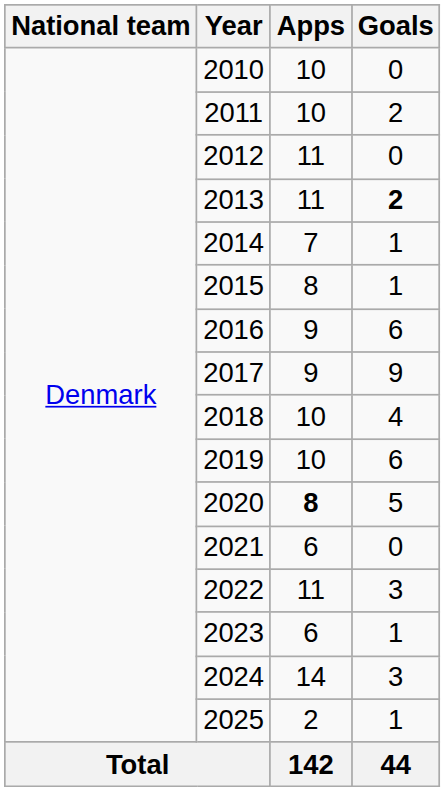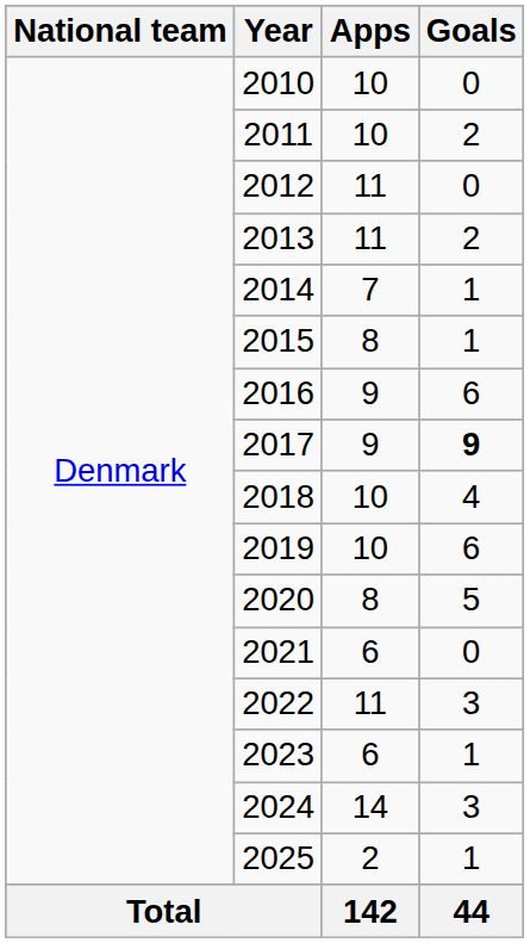 <table class=wikitable style=text-align:center>
 <tr>
 <th>National team</th>
 <th>Year</th>
 <th>Apps</th>
 <th>Goals</th>
 </tr>
 <tr>
 <td rowspan=16><a href='#'>Denmark</a></td>
 <td>2010</td>
 <td>10</td>
 <td>0</td>
 </tr>
 <tr>
 <td>2011</td>
 <td>10</td>
 <td>2</td>
 </tr>
 <tr>
 <td>2012</td>
 <td>11</td>
 <td>0</td>
 </tr>
 <tr>
 <td>2013</td>
 <td>11</td>
-<td><strong>2</strong></td>
+<td>2</td>
 </tr>
 <tr>
 <td>2014</td>
 <td>7</td>
 <td>1</td>
 </tr>
 <tr>
 <td>2015</td>
 <td>8</td>
 <td>1</td>
 </tr>
 <tr>
 <td>2016</td>
 <td>9</td>
 <td>6</td>
 </tr>
 <tr>
 <td>2017</td>
 <td>9</td>
-<td>9</td>
+<td><strong>9</strong></td>
 </tr>
 <tr>
 <td>2018</td>
 <td>10</td>
 <td>4</td>
 </tr>
 <tr>
 <td>2019</td>
 <td>10</td>
 <td>6</td>
 </tr>
 <tr>
 <td>2020</td>
-<td><strong>8</strong></td>
+<td>8</td>
 <td>5</td>
 </tr>
 <tr>
 <td>2021</td>
 <td>6</td>
 <td>0</td>
 </tr>
 <tr>
 <td>2022</td>
 <td>11</td>
 <td>3</td>
 </tr>
 <tr>
 <td>2023</td>
 <td>6</td>
 <td>1</td>
 </tr>
 <tr>
 <td>2024</td>
 <td>14</td>
 <td>3</td>
 </tr>
 <tr>
 <td>2025</td>
 <td>2</td>
 <td>1</td>
 </tr>
 <tr>
 <th colspan=2>Total</th>
 <th>142</th>
 <th>44</th>
 </tr>
 </table>
